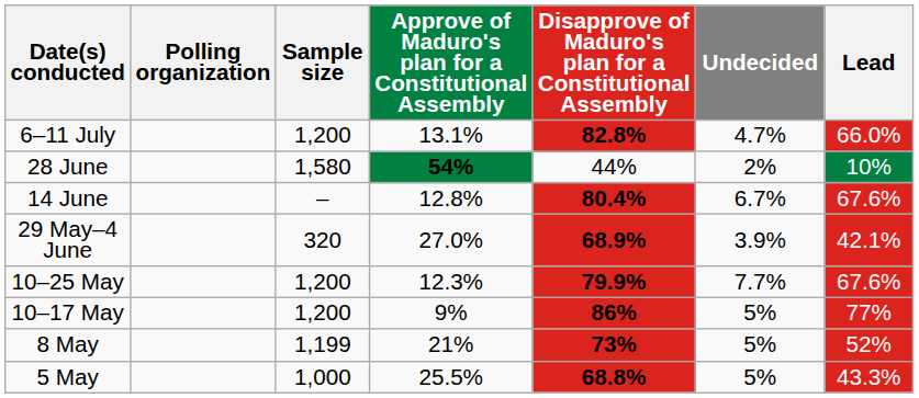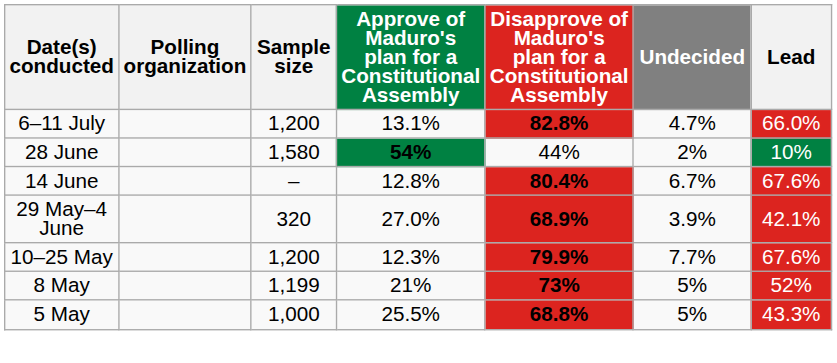 <table class="wikitable sortable" style="text-align: center; line-height: 14px; font-size: 95%;">
 <tr>
 <th>Date(s)<br>conducted</th>
 <th>Polling organization</th>
 <th class="unsortable" style="width: 65px;">Sample size</th>
 <th class="unsortable" style="background: rgb(0, 129, 66); width: 100px; color: white;">Approve of Maduro's plan for a Constitutional Assembly</th>
 <th class="unsortable" style="background: rgb(220, 36, 31); width: 100px; color: white;">Disapprove of Maduro's plan for a Constitutional Assembly</th>
 <th class="unsortable" style="background: gray; width: 90px; color: white;">Undecided</th>
 <th class="unsortable" style="width: 80px;">Lead</th>
 </tr>
 <tr>
 <td data-sort-value="2014-09-17">6–11 July</td>
 <td></td>
 <td>1,200</td>
 <td>13.1%</td>
 <td style="background: rgb(220, 36, 31);"><strong>82.8%</strong></td>
 <td>4.7%</td>
 <td style="background: rgb(220, 36, 31); color: white;">66.0%</td>
 </tr>
 <tr>
 <td data-sort-value="2014-09-17">28 June</td>
 <td></td>
 <td>1,580</td>
 <td style="background: rgb(0, 129, 66)"><strong>54%</strong></td>
 <td>44%</td>
 <td>2%</td>
 <td style="background: rgb(0, 129, 66); width: 100px; color: white;">10%</td>
 </tr>
 <tr>
 <td data-sort-value="2014-09-17">14 June</td>
 <td></td>
 <td>–</td>
 <td>12.8%</td>
 <td style="background: rgb(220, 36, 31);"><strong>80.4%</strong></td>
 <td>6.7%</td>
 <td style="background: rgb(220, 36, 31); color: white;">67.6%</td>
 </tr>
 <tr>
 <td data-sort-value="2014-09-17">29 May–4 June</td>
 <td></td>
 <td>320</td>
 <td>27.0%</td>
 <td style="background: rgb(220, 36, 31);"><strong>68.9%</strong></td>
 <td>3.9%</td>
 <td style="background: rgb(220, 36, 31); color: white;">42.1%</td>
 </tr>
 <tr>
 <td data-sort-value="2014-09-17">10–25 May</td>
 <td></td>
 <td>1,200</td>
 <td>12.3%</td>
 <td style="background: rgb(220, 36, 31);"><strong>79.9%</strong></td>
 <td>7.7%</td>
 <td style="background: rgb(220, 36, 31); color: white;">67.6%</td>
 </tr>
 <tr>
-<td data-sort-value="2014-09-17">10–17 May</td>
-<td></td>
-<td>1,200</td>
-<td>9%</td>
-<td style="background: rgb(220, 36, 31);"><strong>86%</strong></td>
-<td>5%</td>
-<td style="background: rgb(220, 36, 31); color: white;">77%</td>
-</tr>
-<tr>
 <td data-sort-value="2014-09-17">8 May</td>
 <td></td>
 <td>1,199</td>
 <td>21%</td>
 <td style="background: rgb(220, 36, 31);"><strong>73%</strong></td>
 <td>5%</td>
 <td style="background: rgb(220, 36, 31); color: white;">52%</td>
 </tr>
 <tr>
 <td data-sort-value="2014-09-17">5 May</td>
 <td></td>
 <td>1,000</td>
 <td>25.5%</td>
 <td style="background: rgb(220, 36, 31);"><strong>68.8%</strong></td>
 <td>5%</td>
 <td style="background: rgb(220, 36, 31); color: white;">43.3%</td>
 </tr>
 </table>
